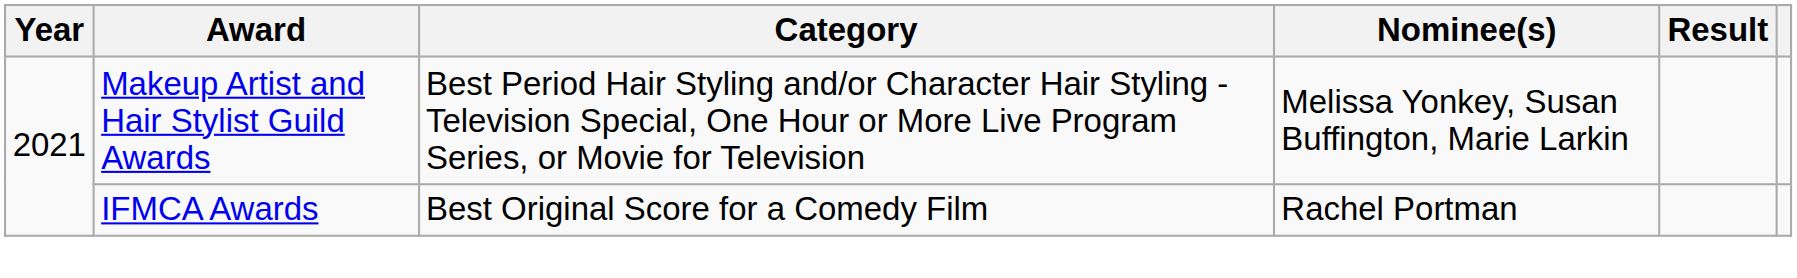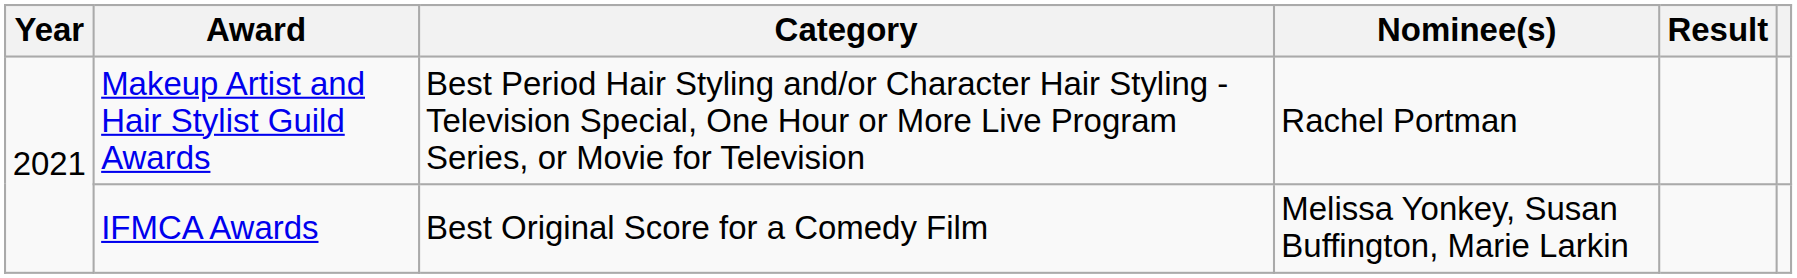 <table class="wikitable">
 <tr>
 <th>Year</th>
 <th>Award</th>
 <th>Category</th>
 <th>Nominee(s)</th>
 <th>Result</th>
 <th></th>
 </tr>
 <tr>
 <td rowspan="2">2021</td>
 <td><a href='#'>Makeup Artist and Hair Stylist Guild Awards</a></td>
 <td>Best Period Hair Styling and/or Character Hair Styling - Television Special, One Hour or More Live Program Series, or Movie for Television</td>
-<td>Melissa Yonkey, Susan Buffington, Marie Larkin</td>
+<td>Rachel Portman</td>
 <td></td>
 <td style="text-align:center;"></td>
 </tr>
 <tr>
 <td><a href='#'>IFMCA Awards</a></td>
 <td>Best Original Score for a Comedy Film</td>
-<td>Rachel Portman</td>
+<td>Melissa Yonkey, Susan Buffington, Marie Larkin</td>
 <td></td>
 <td style="text-align:center;"></td>
 </tr>
 </table>
